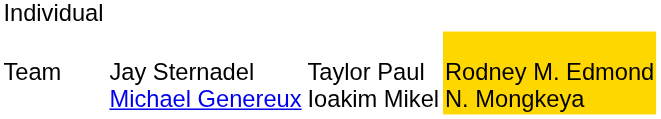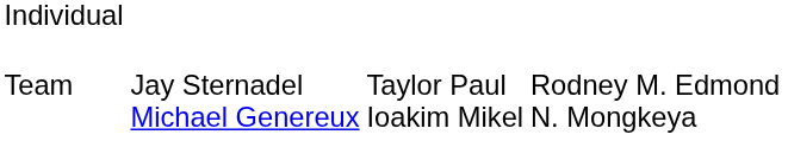 <table>
 <tr>
 <td>Individual</td>
 <td></td>
 <td></td>
 <td></td>
 </tr>
 <tr>
 <td>Team</td>
 <td nowrap><br>Jay Sternadel<br><a href='#'>Michael Genereux</a></td>
 <td nowrap><br>Taylor Paul<br>Ioakim Mikel</td>
-<td nowrap style="background: gold;"><br>Rodney M. Edmond<br>N. Mongkeya</td>
+<td nowrap><br>Rodney M. Edmond<br>N. Mongkeya</td>
 </tr>
 </table>
